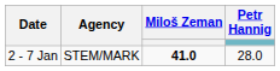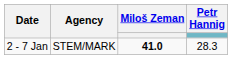 <table class="wikitable collapsible collapsed" style=text-align:center>
 <tr>
 <th rowspan="2">Date</th>
 <th rowspan="2">Agency</th>
 <th><a href='#'>Miloš Zeman</a></th>
 <th><a href='#'>Petr Hannig</a></th>
 </tr>
 <tr>
 <th style="background:"></th>
 <th style="background:#6FB7C5; width:40px;"></th>
 </tr>
 <tr>
 <td>2 - 7 Jan</td>
 <td>STEM/MARK</td>
 <td><strong>41.0</strong></td>
-<td>28.0</td>
+<td>28.3</td>
 </tr>
 </table>
